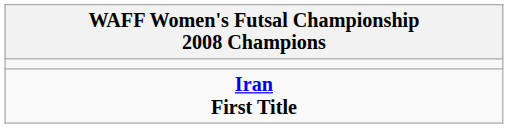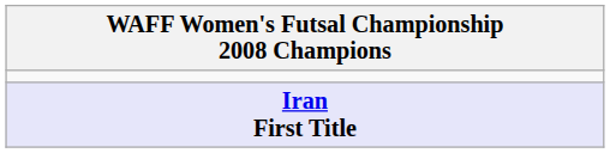 <table class="wikitable" style="text-align: center; margin: 0 auto; width: 20%">
 <tr>
 <th>WAFF Women's Futsal Championship <br>2008 Champions</th>
 </tr>
 <tr>
 <td></td>
 </tr>
 <tr>
-<td><strong><a href='#'>Iran</a></strong><br><strong>First Title</strong></td>
+<td style="background: lavender;"><strong><a href='#'>Iran</a></strong><br><strong>First Title</strong></td>
 </tr>
 </table>
